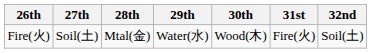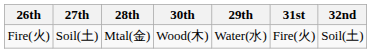 <table class="wikitable">
 <tr>
 <th>26th</th>
 <th>27th</th>
 <th>28th</th>
+<th>30th</th>
 <th>29th</th>
-<th>30th</th>
 <th>31st</th>
 <th>32nd</th>
 </tr>
 <tr>
 <td>Fire(火)</td>
 <td>Soil(土)</td>
 <td>Mtal(金)</td>
+<td>Wood(木)</td>
 <td>Water(水)</td>
-<td>Wood(木)</td>
 <td>Fire(火)</td>
 <td>Soil(土)</td>
 </tr>
 </table>
